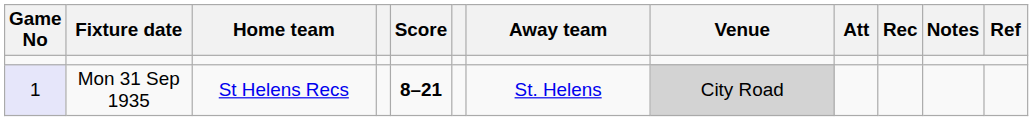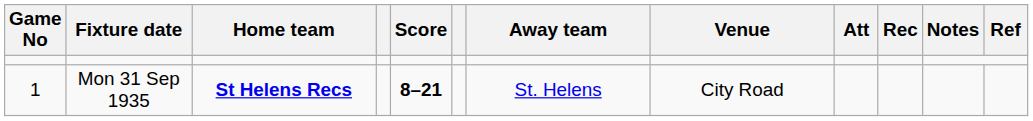 <table class="wikitable" style="text-align:center;">
 <tr>
 <th width=20 abbr="No">Game No</th>
 <th width=100 abbr="Date">Fixture date</th>
 <th width=150 abbr="Home team">Home team</th>
 <th width=5 abbr="space"></th>
 <th width=20 abbr="Score">Score</th>
 <th width=5 abbr="space"></th>
 <th width=150 abbr="Away team">Away team</th>
 <th width=150 abbr="Venue">Venue</th>
 <th width=30 abbr="Att">Att</th>
 <th width=30 abbr="Rec">Rec</th>
 <th width=20 abbr="Notes">Notes</th>
 <th width=30 abbr="Ref">Ref</th>
 </tr>
 <tr>
 <td></td>
 <td></td>
 <td></td>
 <td></td>
 <td></td>
 <td></td>
 <td></td>
 <td></td>
 <td></td>
 <td></td>
 </tr>
 <tr>
-<td style="background: lavender;">1</td>
+<td>1</td>
 <td>Mon 31 Sep 1935</td>
-<td><a href='#'>St Helens Recs</a></td>
+<td><strong><a href='#'>St Helens Recs</a></strong></td>
 <td></td>
 <td><strong>8–21</strong></td>
 <td></td>
 <td><a href='#'>St. Helens</a></td>
-<td style="background: lightgrey;">City Road</td>
+<td>City Road</td>
 <td></td>
 <td></td>
 <td></td>
 <td></td>
 </tr>
 </table>
